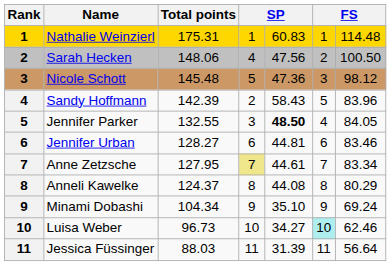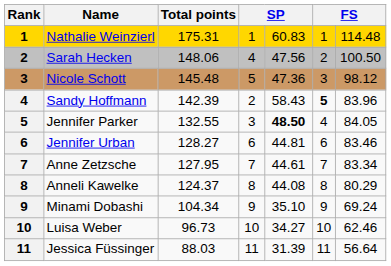 <table class="wikitable sortable">
 <tr>
 <th>Rank</th>
 <th>Name</th>
 <th>Total points</th>
 <th colspan="2" width="80px"><a href='#'>SP</a></th>
 <th colspan="2" width="80px"><a href='#'>FS</a></th>
 </tr>
 <tr bgcolor="gold">
 <td align="center"><strong>1</strong></td>
 <td><a href='#'>Nathalie Weinzierl</a></td>
 <td align="center">175.31</td>
 <td align="center">1</td>
 <td align="center">60.83</td>
 <td align="center">1</td>
 <td align="center">114.48</td>
 </tr>
 <tr bgcolor="silver">
 <td align="center"><strong>2</strong></td>
 <td><a href='#'>Sarah Hecken</a></td>
 <td align="center">148.06</td>
 <td align="center">4</td>
 <td align="center">47.56</td>
 <td align="center">2</td>
 <td align="center">100.50</td>
 </tr>
 <tr bgcolor="cc9966">
 <td align="center"><strong>3</strong></td>
 <td><a href='#'>Nicole Schott</a></td>
 <td align="center">145.48</td>
 <td align="center">5</td>
 <td align="center">47.36</td>
 <td align="center">3</td>
 <td align="center">98.12</td>
 </tr>
 <tr>
 <th>4</th>
 <td><a href='#'>Sandy Hoffmann</a></td>
 <td align="center">142.39</td>
 <td align="center">2</td>
 <td align="center">58.43</td>
-<td align="center">5</td>
+<td align="center"><strong>5</strong></td>
 <td align="center">83.96</td>
 </tr>
 <tr>
 <th>5</th>
 <td>Jennifer Parker</td>
 <td align="center">132.55</td>
 <td align="center">3</td>
 <td align="center"><strong>48.50</strong></td>
 <td align="center">4</td>
 <td align="center">84.05</td>
 </tr>
 <tr>
 <th>6</th>
 <td><a href='#'>Jennifer Urban</a></td>
 <td align="center">128.27</td>
 <td align="center">6</td>
 <td align="center">44.81</td>
 <td align="center">6</td>
 <td align="center">83.46</td>
 </tr>
 <tr>
 <th>7</th>
 <td>Anne Zetzsche</td>
 <td align="center">127.95</td>
-<td align="center" style="background: khaki;">7</td>
+<td align="center">7</td>
 <td align="center">44.61</td>
 <td align="center">7</td>
 <td align="center">83.34</td>
 </tr>
 <tr>
 <th>8</th>
 <td>Anneli Kawelke</td>
 <td align="center">124.37</td>
 <td align="center">8</td>
 <td align="center">44.08</td>
 <td align="center">8</td>
 <td align="center">80.29</td>
 </tr>
 <tr>
 <th>9</th>
 <td>Minami Dobashi</td>
 <td align="center">104.34</td>
 <td align="center">9</td>
 <td align="center">35.10</td>
 <td align="center">9</td>
 <td align="center">69.24</td>
 </tr>
 <tr>
 <th>10</th>
 <td>Luisa Weber</td>
 <td align="center">96.73</td>
 <td align="center">10</td>
 <td align="center">34.27</td>
-<td align="center" style="background: paleturquoise;">10</td>
+<td align="center">10</td>
 <td align="center">62.46</td>
 </tr>
 <tr>
 <th>11</th>
 <td>Jessica Füssinger</td>
 <td align="center">88.03</td>
 <td align="center">11</td>
 <td align="center">31.39</td>
 <td align="center">11</td>
 <td align="center">56.64</td>
 </tr>
 </table>
